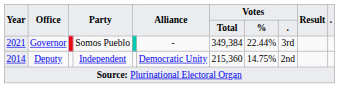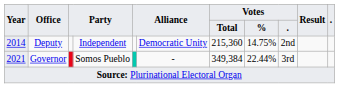 <table class="wikitable" style="font-size:90%; text-align:center;">
 <tr>
 <th style="background-color:#EAECF0;" rowspan=2>Year</th>
 <th style="background-color:#EAECF0;" rowspan=2>Office</th>
 <th style="background-color:#EAECF0;" colspan=2 rowspan=2>Party</th>
 <th style="background-color:#EAECF0;" colspan=2 rowspan=2>Alliance</th>
 <th style="background-color:#EAECF0;" colspan=3>Votes</th>
 <th style="background-color:#EAECF0;" rowspan=2>Result</th>
 <th style="background-color:#EAECF0;" rowspan=2>.</th>
 </tr>
 <tr>
 <th style="background-color:#EAECF0;">Total</th>
 <th style="background-color:#EAECF0;">%</th>
 <th style="background-color:#EAECF0;">.</th>
 </tr>
 <tr>
+<td style="background-color:#EAECF0;"><a href='#'>2014</a></td>
+<td><a href='#'>Deputy</a></td>
+<td style="background-color:"></td>
+<td><a href='#'>Independent</a></td>
+<td style="background-color:"></td>
+<td><a href='#'>Democratic Unity</a></td>
+<td>215,360</td>
+<td>14.75%</td>
+<td>2nd</td>
+<td></td>
+<td></td>
+</tr>
+<tr>
 <td style="background-color:#EAECF0;"><a href='#'>2021</a></td>
 <td><a href='#'>Governor</a></td>
 <td style="background-color:#EA0519;"></td>
 <td>Somos Pueblo</td>
 <td style="background-color:#01C9AF;"></td>
 <td>-</td>
 <td>349,384</td>
 <td>22.44%</td>
 <td>3rd</td>
 <td></td>
 <td></td>
 </tr>
 <tr>
-<td style="background-color:#EAECF0;"><a href='#'>2014</a></td>
-<td><a href='#'>Deputy</a></td>
-<td style="background-color:"></td>
-<td><a href='#'>Independent</a></td>
-<td style="background-color:"></td>
-<td><a href='#'>Democratic Unity</a></td>
-<td>215,360</td>
-<td>14.75%</td>
-<td>2nd</td>
-<td></td>
-<td></td>
-</tr>
-<tr>
 <td style="background-color:#EAECF0;" colspan=11><strong>Source:</strong> <a href='#'>Plurinational Electoral Organ</a>  </td>
 </tr>
 </table>
